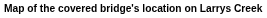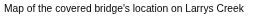 <table style="text-align:center" align="left">
 <tr>
 <td></td>
 </tr>
 <tr>
-<td><strong>Map of the covered bridge's location on Larrys Creek  </strong></td>
+<td>Map of the covered bridge's location on Larrys Creek  </td>
 </tr>
 </table>
